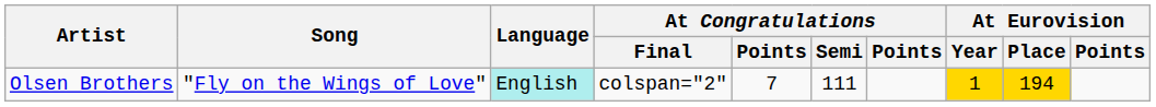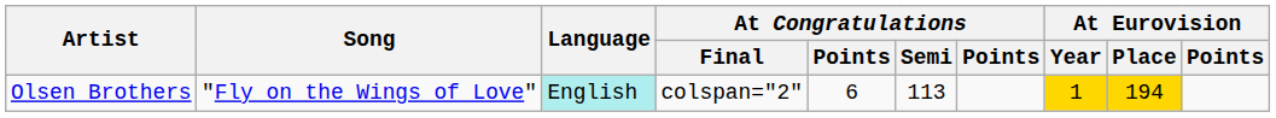 <table class="wikitable">
 <tr>
 <th rowspan="2" scope="col">Artist</th>
 <th rowspan="2" scope="col">Song</th>
 <th scope="col" rowspan="2">Language</th>
 <th scope="colgroup" colspan="4">At <em>Congratulations</em></th>
 <th scope="colgroup" colspan="3">At Eurovision</th>
 </tr>
 <tr>
 <th scope="col">Final</th>
 <th scope="col">Points</th>
 <th scope="col">Semi</th>
 <th scope="col">Points</th>
 <th scope="col">Year</th>
 <th scope="col">Place</th>
 <th scope="col">Points</th>
 </tr>
 <tr>
 <td><a href='#'>Olsen Brothers</a></td>
 <td>"<a href='#'>Fly on the Wings of Love</a>"</td>
 <td style="background: paleturquoise;">English</td>
 <td>colspan="2" </td>
-<td style="text-align:center;">7</td>
-<td style="text-align:center;">111</td>
+<td style="text-align:center;">6</td>
+<td style="text-align:center;">113</td>
 <td style="text-align:center;"></td>
 <td style="text-align:center; background-color:#FFD700;">1</td>
 <td style="text-align:center; background-color:#FFD700;">194</td>
 </tr>
 </table>
